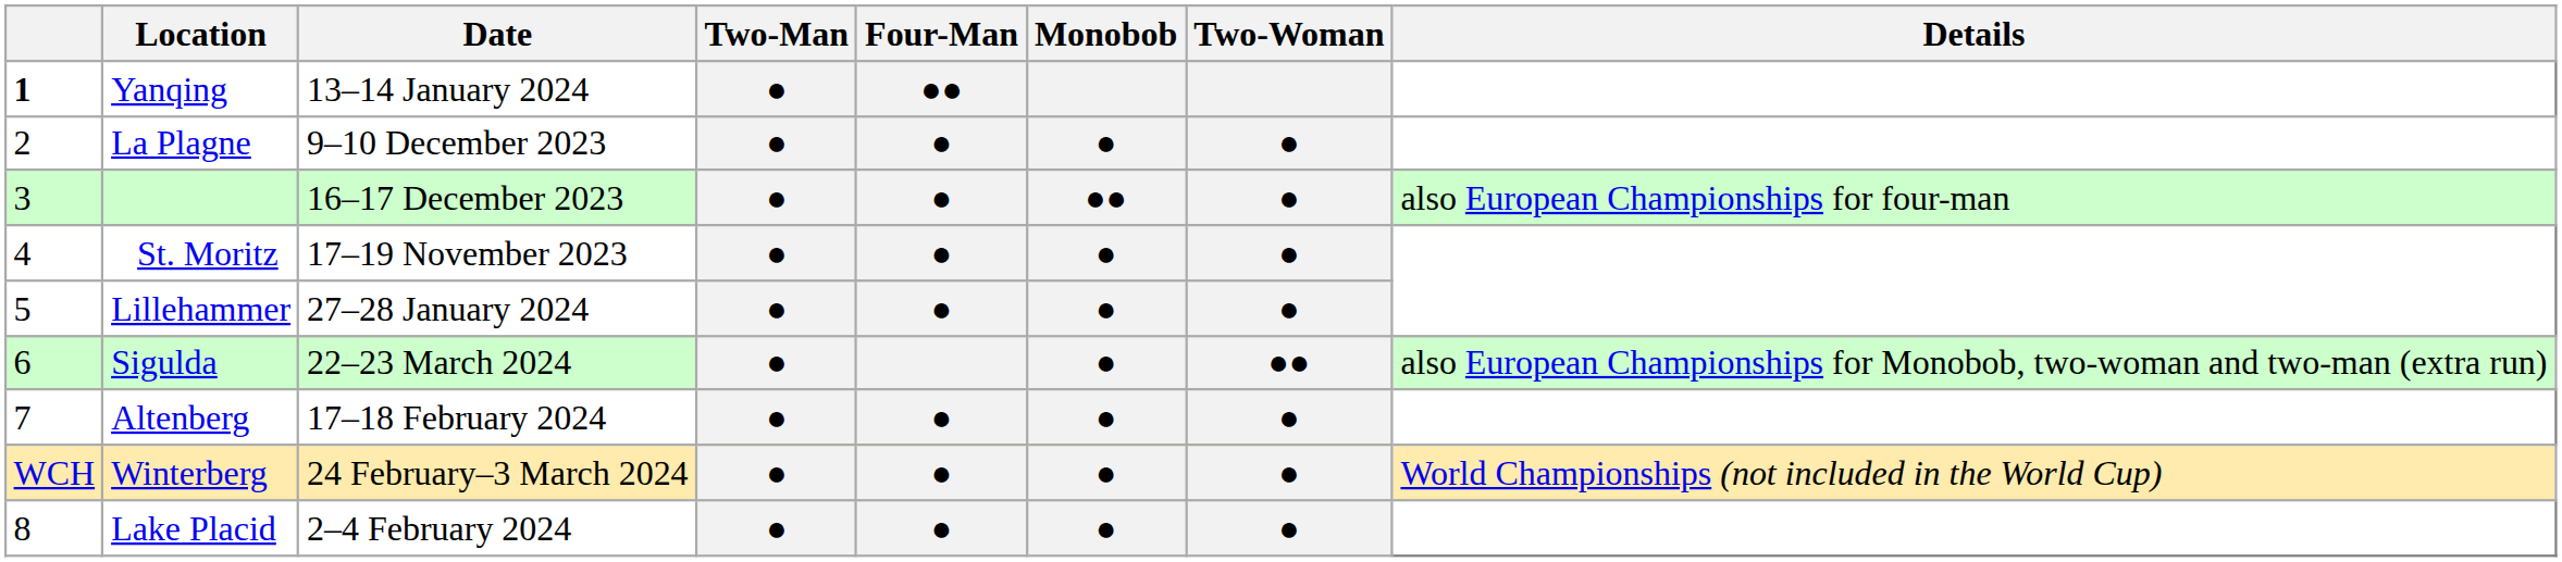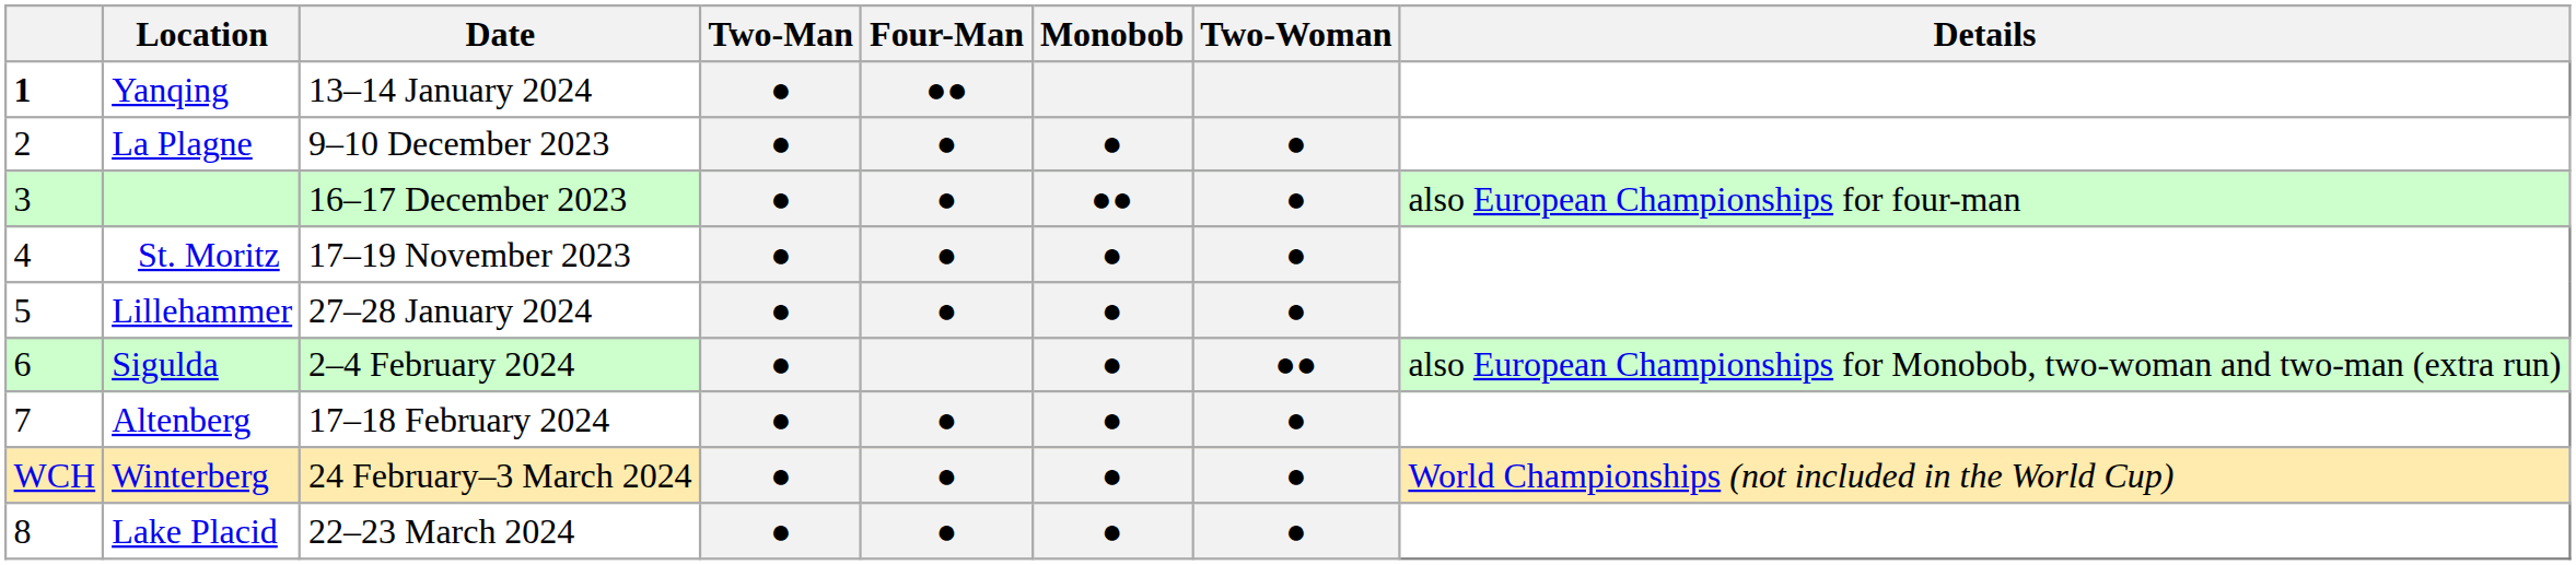 <table class="wikitable plainrowheaders" style="background:#fff; font-size:90%; line-height:16px; border:grey solid 1px; border-collapse:collapse;">
 <tr>
 <th></th>
 <th>Location</th>
 <th>Date</th>
 <th>Two-Man</th>
 <th>Four-Man</th>
 <th>Monobob</th>
 <th>Two-Woman</th>
 <th>Details</th>
 </tr>
 <tr>
 <td><strong>1</strong></td>
 <td style="text-align:left"> <a href='#'>Yanqing</a></td>
 <td style="text-align:left">13–14 January 2024</td>
 <th>●</th>
 <th>●●</th>
 <th></th>
 <th></th>
 </tr>
 <tr>
 <td>2</td>
 <td style="text-align:left"> <a href='#'>La Plagne</a></td>
 <td style="text-align:left">9–10 December 2023</td>
 <th>●</th>
 <th>●</th>
 <th>●</th>
 <th>●</th>
 <td></td>
 </tr>
 <tr style="background:#CCFFCC">
 <td>3</td>
 <td style="text-align:left"></td>
 <td style="text-align:left">16–17 December 2023</td>
 <th>●</th>
 <th>●</th>
 <th>●●</th>
 <th>●</th>
 <td>also <a href='#'>European Championships</a> for four-man</td>
 </tr>
 <tr>
 <td>4</td>
 <td style="text-align:left">   <a href='#'>St. Moritz</a></td>
 <td style="text-align:left">17–19 November 2023</td>
 <th>●</th>
 <th>●</th>
 <th>●</th>
 <th>●</th>
 </tr>
 <tr>
 <td>5</td>
 <td style="text-align:left"> <a href='#'>Lillehammer</a></td>
 <td style="text-align:left">27–28 January 2024</td>
 <th>●</th>
 <th>●</th>
 <th>●</th>
 <th>●</th>
 </tr>
 <tr style="background:#CCFFCC">
 <td>6</td>
 <td style="text-align:left"> <a href='#'>Sigulda</a></td>
-<td style="text-align:left">22–23 March 2024</td>
+<td style="text-align:left">2–4 February 2024</td>
 <th>●</th>
 <th></th>
 <th>●</th>
 <th>●●</th>
 <td>also <a href='#'>European Championships</a> for Monobob, two-woman and two-man (extra run)</td>
 </tr>
 <tr>
 <td>7</td>
 <td style="text-align:left"> <a href='#'>Altenberg</a></td>
 <td style="text-align:left">17–18 February 2024</td>
 <th>●</th>
 <th>●</th>
 <th>●</th>
 <th>●</th>
 </tr>
 <tr style="background:#FFEBAD">
 <td><a href='#'>WCH</a></td>
 <td style="text-align:left"> <a href='#'>Winterberg</a></td>
 <td style="text-align:left">24 February–3 March 2024</td>
 <th>●</th>
 <th>●</th>
 <th>●</th>
 <th>●</th>
 <td><a href='#'>World Championships</a> <em>(not included in the World Cup)</em></td>
 </tr>
 <tr>
 <td>8</td>
 <td style="text-align:left"> <a href='#'>Lake Placid</a></td>
-<td style="text-align:left">2–4 February 2024</td>
+<td style="text-align:left">22–23 March 2024</td>
 <th>●</th>
 <th>●</th>
 <th>●</th>
 <th>●</th>
 </tr>
 </table>
